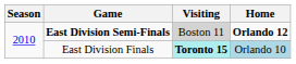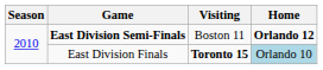 <table class="wikitable">
 <tr>
 <th>Season</th>
 <th>Game</th>
 <th>Visiting</th>
 <th>Home</th>
 </tr>
 <tr ALIGN=center>
 <td rowspan="2"><a href='#'>2010</a></td>
 <td><strong>East Division Semi-Finals</strong></td>
-<td style="background: lightgrey;">Boston 11</td>
+<td>Boston 11</td>
 <td><strong>Orlando 12</strong></td>
 </tr>
 <tr ALIGN=center>
 <td>East Division Finals</td>
-<td style="background: paleturquoise;"><strong>Toronto 15</strong></td>
+<td><strong>Toronto 15</strong></td>
 <td style="background: lightblue;">Orlando 10</td>
 </tr>
 </table>
